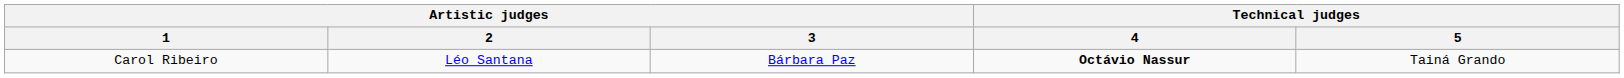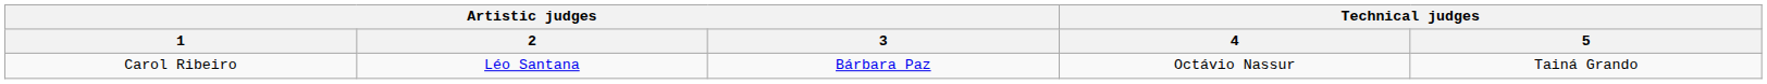 <table class="wikitable" style="font-size:100%; line-height:16px; text-align:center" width="100%">
 <tr>
 <th colspan=3>Artistic judges</th>
 <th colspan=2>Technical judges</th>
 </tr>
 <tr>
 <th width="20.0%">1</th>
 <th width="20.0%">2</th>
 <th width="20.0%">3</th>
 <th width="20.0%">4</th>
 <th width="20.0%">5</th>
 </tr>
 <tr>
 <td>Carol Ribeiro</td>
 <td><a href='#'>Léo Santana</a></td>
 <td><a href='#'>Bárbara Paz</a></td>
-<td><strong>Octávio Nassur</strong></td>
+<td>Octávio Nassur</td>
 <td>Tainá Grando</td>
 </tr>
 </table>
